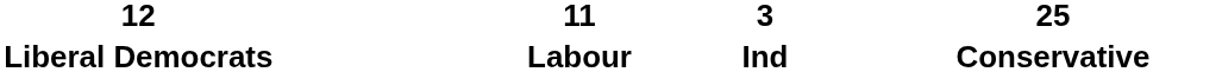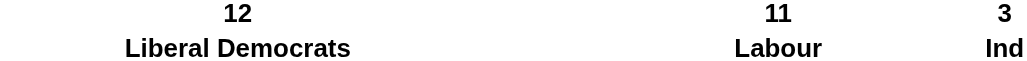 <table style="width:60%; text-align:center;">
 <tr style="colour:white;">
 <td style="background:"><strong>12</strong></td>
 <td style="background:"><strong>11</strong></td>
 <td style="background:"><strong>3</strong></td>
-<td style="background:"><strong>25</strong></td>
 </tr>
 <tr>
 <td><span><strong>Liberal Democrats</strong></span></td>
 <td><span><strong>Labour</strong></span></td>
 <td><span><strong>Ind</strong></span></td>
-<td><span><strong>Conservative</strong></span></td>
 </tr>
 </table>
